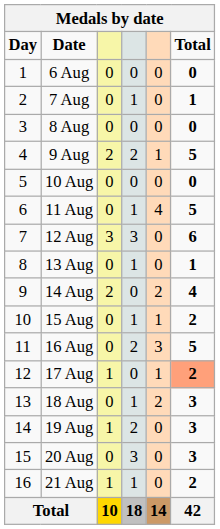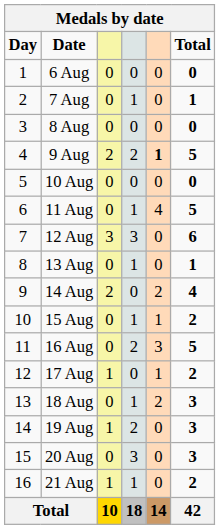 <table class="wikitable" style="font-size:85%; text-align:center;">
 <tr style="background:#efefef;">
 <th colspan=6>Medals by date</th>
 </tr>
 <tr>
 <td><strong>Day</strong></td>
 <td><strong>Date</strong></td>
 <td style="background:#F7F6A8;"></td>
 <td style="background:#DCE5E5;"></td>
 <td style="background:#FFDAB9;"></td>
 <td><strong>Total</strong></td>
 </tr>
 <tr>
 <td>1</td>
 <td>6 Aug</td>
 <td style="background:#F7F6A8;">0</td>
 <td style="background:#DCE5E5;">0</td>
 <td style="background:#FFDAB9;">0</td>
 <td><strong>0</strong></td>
 </tr>
 <tr>
 <td>2</td>
 <td>7 Aug</td>
 <td style="background:#F7F6A8;">0</td>
 <td style="background:#DCE5E5;">1</td>
 <td style="background:#FFDAB9;">0</td>
 <td><strong>1</strong></td>
 </tr>
 <tr>
 <td>3</td>
 <td>8 Aug</td>
 <td style="background:#F7F6A8;">0</td>
 <td style="background:#DCE5E5;">0</td>
 <td style="background:#FFDAB9;">0</td>
 <td><strong>0</strong></td>
 </tr>
 <tr>
 <td>4</td>
 <td>9 Aug</td>
 <td style="background:#F7F6A8;">2</td>
 <td style="background:#DCE5E5;">2</td>
-<td style="background:#FFDAB9;">1</td>
+<td style="background:#FFDAB9;"><strong>1</strong></td>
 <td><strong>5</strong></td>
 </tr>
 <tr>
 <td>5</td>
 <td>10 Aug</td>
 <td style="background:#F7F6A8;">0</td>
 <td style="background:#DCE5E5;">0</td>
 <td style="background:#FFDAB9;">0</td>
 <td><strong>0</strong></td>
 </tr>
 <tr>
 <td>6</td>
 <td>11 Aug</td>
 <td style="background:#F7F6A8;">0</td>
 <td style="background:#DCE5E5;">1</td>
 <td style="background:#FFDAB9;">4</td>
 <td><strong>5</strong></td>
 </tr>
 <tr>
 <td>7</td>
 <td>12 Aug</td>
 <td style="background:#F7F6A8;">3</td>
 <td style="background:#DCE5E5;">3</td>
 <td style="background:#FFDAB9;">0</td>
 <td><strong>6</strong></td>
 </tr>
 <tr>
 <td>8</td>
 <td>13 Aug</td>
 <td style="background:#F7F6A8;">0</td>
 <td style="background:#DCE5E5;">1</td>
 <td style="background:#FFDAB9;">0</td>
 <td><strong>1</strong></td>
 </tr>
 <tr>
 <td>9</td>
 <td>14 Aug</td>
 <td style="background:#F7F6A8;">2</td>
 <td style="background:#DCE5E5;">0</td>
 <td style="background:#FFDAB9;">2</td>
 <td><strong>4</strong></td>
 </tr>
 <tr>
 <td>10</td>
 <td>15 Aug</td>
 <td style="background:#F7F6A8;">0</td>
 <td style="background:#DCE5E5;">1</td>
 <td style="background:#FFDAB9;">1</td>
 <td><strong>2</strong></td>
 </tr>
 <tr>
 <td>11</td>
 <td>16 Aug</td>
 <td style="background:#F7F6A8;">0</td>
 <td style="background:#DCE5E5;">2</td>
 <td style="background:#FFDAB9;">3</td>
 <td><strong>5</strong></td>
 </tr>
 <tr>
 <td>12</td>
 <td>17 Aug</td>
 <td style="background:#F7F6A8;">1</td>
 <td style="background:#DCE5E5;">0</td>
 <td style="background:#FFDAB9;">1</td>
-<td style="background: lightsalmon;"><strong>2</strong></td>
+<td><strong>2</strong></td>
 </tr>
 <tr>
 <td>13</td>
 <td>18 Aug</td>
 <td style="background:#F7F6A8;">0</td>
 <td style="background:#DCE5E5;">1</td>
 <td style="background:#FFDAB9;">2</td>
 <td><strong>3</strong></td>
 </tr>
 <tr>
 <td>14</td>
 <td>19 Aug</td>
 <td style="background:#F7F6A8;">1</td>
 <td style="background:#DCE5E5;">2</td>
 <td style="background:#FFDAB9;">0</td>
 <td><strong>3</strong></td>
 </tr>
 <tr>
 <td>15</td>
 <td>20 Aug</td>
 <td style="background:#F7F6A8;">0</td>
 <td style="background:#DCE5E5;">3</td>
 <td style="background:#FFDAB9;">0</td>
 <td><strong>3</strong></td>
 </tr>
 <tr>
 <td>16</td>
 <td>21 Aug</td>
 <td style="background:#F7F6A8;">1</td>
 <td style="background:#DCE5E5;">1</td>
 <td style="background:#FFDAB9;">0</td>
 <td><strong>2</strong></td>
 </tr>
 <tr>
 <th colspan="2">Total</th>
 <th style="background:gold;">10</th>
 <th style="background:silver;">18</th>
 <th style="background:#c96;">14</th>
 <th>42</th>
 </tr>
 </table>
